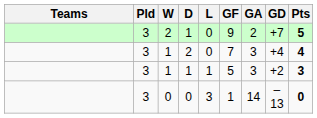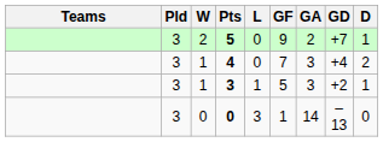 <table class="wikitable" style="text-align: center;">
 <tr>
 <th width=165>Teams</th>
 <th width=20>Pld</th>
 <th width=20>W</th>
-<th width=20>D</th>
+<th width=20>Pts</th>
 <th width=20>L</th>
 <th width=20>GF</th>
 <th width=20>GA</th>
 <th width=20>GD</th>
-<th width=20>Pts</th>
+<th width=20>D</th>
 </tr>
 <tr align=center style="background:#ccffcc;">
 <td style="text-align:left;"></td>
 <td>3</td>
 <td>2</td>
-<td>1</td>
+<td><strong>5</strong></td>
 <td>0</td>
 <td>9</td>
 <td>2</td>
 <td>+7</td>
-<td><strong>5</strong></td>
+<td>1</td>
 </tr>
 <tr align=center>
 <td style="text-align:left;"></td>
 <td>3</td>
 <td>1</td>
-<td>2</td>
+<td><strong>4</strong></td>
 <td>0</td>
 <td>7</td>
 <td>3</td>
 <td>+4</td>
-<td><strong>4</strong></td>
+<td>2</td>
 </tr>
 <tr align=center>
 <td style="text-align:left;"></td>
 <td>3</td>
 <td>1</td>
-<td>1</td>
+<td><strong>3</strong></td>
 <td>1</td>
 <td>5</td>
 <td>3</td>
 <td>+2</td>
-<td><strong>3</strong></td>
+<td>1</td>
 </tr>
 <tr align=center>
 <td style="text-align:left;"></td>
 <td>3</td>
 <td>0</td>
-<td>0</td>
+<td><strong>0</strong></td>
 <td>3</td>
 <td>1</td>
 <td>14</td>
 <td>–13</td>
-<td><strong>0</strong></td>
+<td>0</td>
 </tr>
 </table>
